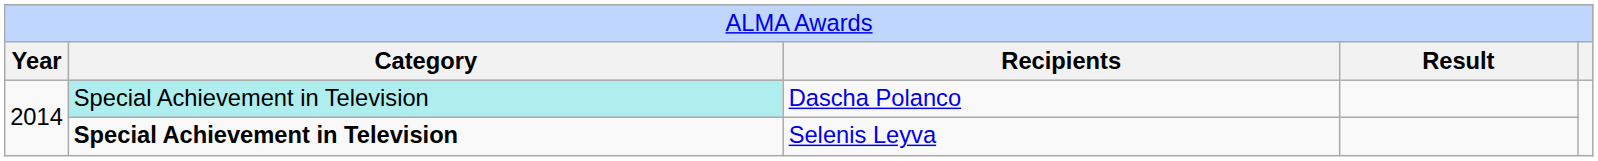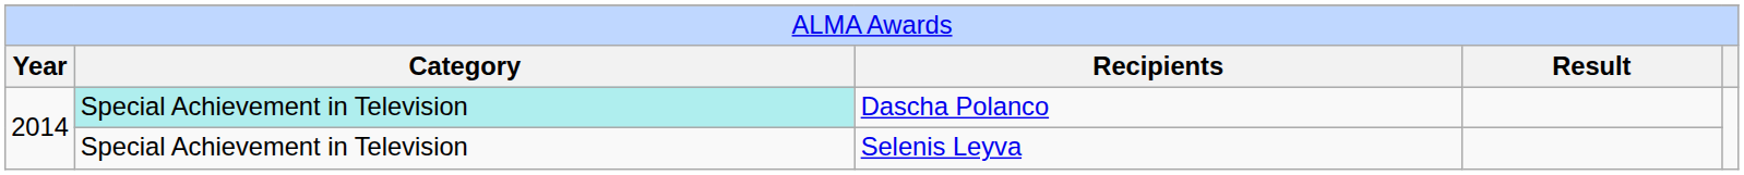 <table class="wikitable plainrowheaders" style="font-size: 100%; width:85%">
 <tr>
 </tr>
 <tr ---- bgcolor="#bfd7ff">
 <td colspan=6 align=center><a href='#'>ALMA Awards</a></td>
 </tr>
 <tr ---- bgcolor="#ebf5ff">
 <th scope="col" style="width:2%;">Year</th>
 <th scope="col" style="width:45%;">Category</th>
 <th scope="col" style="width:35%;">Recipients</th>
 <th scope="col" style="width:15%;">Result</th>
 <th scope="col" class="unsortable" style="width:1%;"></th>
 </tr>
 <tr>
 <td rowspan=2 style="text-align:center;">2014</td>
 <td style="background: paleturquoise;">Special Achievement in Television</td>
 <td><a href='#'>Dascha Polanco</a></td>
 <td></td>
 <td rowspan=2 style="text-align:center;"></td>
 </tr>
 <tr>
-<td><strong>Special Achievement in Television</strong></td>
+<td>Special Achievement in Television</td>
 <td><a href='#'>Selenis Leyva</a></td>
 <td></td>
 </tr>
 </table>
